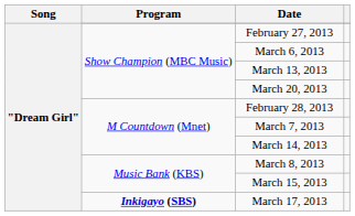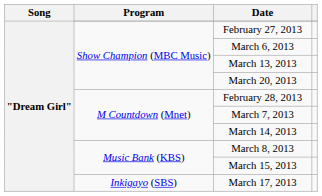 <table class="wikitable plainrowheaders" style="text-align:center">
 <tr>
 <th scope="col">Song</th>
 <th scope="col" width="200">Program</th>
 <th scope="col" width="140">Date</th>
 <th scope="col"></th>
 </tr>
 <tr>
 <th scope="row" rowspan="11">"Dream Girl"</th>
 </tr>
 <tr>
 <td rowspan="4"><em><a href='#'>Show Champion</a></em> (<a href='#'>MBC Music</a>)</td>
 <td>February 27, 2013</td>
 <td></td>
 </tr>
 <tr>
 <td>March 6, 2013</td>
 <td></td>
 </tr>
 <tr>
 <td>March 13, 2013</td>
 <td></td>
 </tr>
 <tr>
 <td>March 20, 2013</td>
 <td></td>
 </tr>
 <tr>
 <td rowspan="3"><em><a href='#'>M Countdown</a></em> (<a href='#'>Mnet</a>)</td>
 <td>February 28, 2013</td>
 <td></td>
 </tr>
 <tr>
 <td>March 7, 2013</td>
 <td></td>
 </tr>
 <tr>
 <td>March 14, 2013</td>
 <td></td>
 </tr>
 <tr>
 <td rowspan="2"><em><a href='#'>Music Bank</a></em> (<a href='#'>KBS</a>)</td>
 <td>March 8, 2013</td>
 <td></td>
 </tr>
 <tr>
 <td>March 15, 2013</td>
 <td></td>
 </tr>
 <tr>
-<td><strong><em><a href='#'>Inkigayo</a></em> (<a href='#'>SBS</a>)</strong></td>
+<td><em><a href='#'>Inkigayo</a></em> (<a href='#'>SBS</a>)</td>
 <td>March 17, 2013</td>
 <td></td>
 </tr>
 </table>
